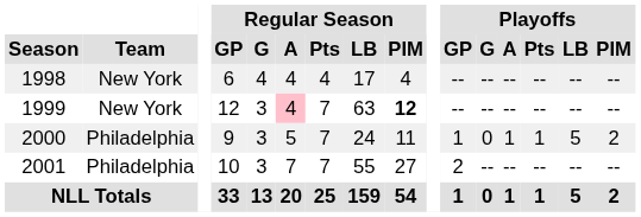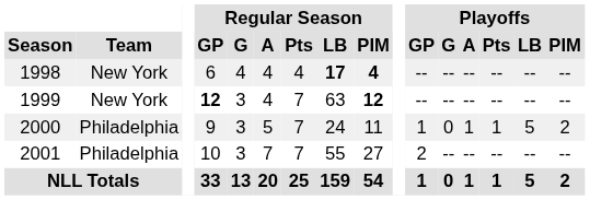 <table BORDER="0" CELLPADDING="3" CELLSPACING="0">
 <tr ALIGN="center" bgcolor="#e0e0e0">
 <th colspan="2" bgcolor="#ffffff"> </th>
 <th rowspan="99" bgcolor="#ffffff"> </th>
 <th colspan="6">Regular Season</th>
 <th rowspan="99" bgcolor="#ffffff"> </th>
 <th colspan="6">Playoffs</th>
 </tr>
 <tr ALIGN="center" bgcolor="#e0e0e0">
 <th>Season</th>
 <th>Team</th>
 <th>GP</th>
 <th>G</th>
 <th>A</th>
 <th>Pts</th>
 <th>LB</th>
 <th>PIM</th>
 <th>GP</th>
 <th>G</th>
 <th>A</th>
 <th>Pts</th>
 <th>LB</th>
 <th>PIM</th>
 </tr>
 <tr ALIGN="center" bgcolor="#f0f0f0">
 <td>1998</td>
 <td>New York</td>
 <td>6</td>
 <td>4</td>
 <td>4</td>
 <td>4</td>
-<td>17</td>
-<td>4</td>
+<td><strong>17</strong></td>
+<td><strong>4</strong></td>
 <td>--</td>
 <td>--</td>
 <td>--</td>
 <td>--</td>
 <td>--</td>
 <td>--</td>
 </tr>
 <tr ALIGN="center">
 <td>1999</td>
 <td>New York</td>
-<td>12</td>
+<td><strong>12</strong></td>
 <td>3</td>
-<td style="background: pink;">4</td>
+<td>4</td>
 <td>7</td>
 <td>63</td>
 <td><strong>12</strong></td>
 <td>--</td>
 <td>--</td>
 <td>--</td>
 <td>--</td>
 <td>--</td>
 <td>--</td>
 </tr>
 <tr ALIGN="center" bgcolor="#f0f0f0">
 <td>2000</td>
 <td>Philadelphia</td>
 <td>9</td>
 <td>3</td>
 <td>5</td>
 <td>7</td>
 <td>24</td>
 <td>11</td>
 <td>1</td>
 <td>0</td>
 <td>1</td>
 <td>1</td>
 <td>5</td>
 <td>2</td>
 </tr>
 <tr ALIGN="center">
 <td>2001</td>
 <td>Philadelphia</td>
 <td>10</td>
 <td>3</td>
 <td>7</td>
 <td>7</td>
 <td>55</td>
 <td>27</td>
 <td>2</td>
 <td>--</td>
 <td>--</td>
 <td>--</td>
 <td>--</td>
 <td>--</td>
 </tr>
 <tr ALIGN="center" bgcolor="#e0e0e0">
 <th colspan="2">NLL Totals</th>
 <th>33</th>
 <th>13</th>
 <th>20</th>
 <th>25</th>
 <th>159</th>
 <th>54</th>
 <th>1</th>
 <th>0</th>
 <th>1</th>
 <th>1</th>
 <th>5</th>
 <th>2</th>
 </tr>
 </table>
